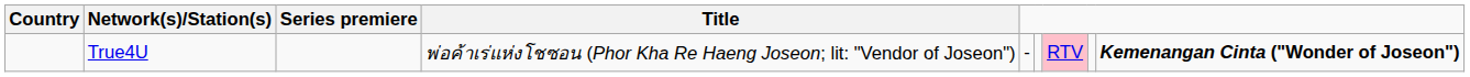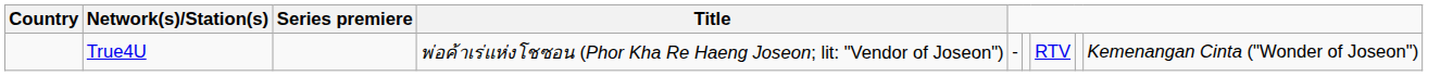 <table class="sortable wikitable">
 <tr>
 <th>Country</th>
 <th>Network(s)/Station(s)</th>
 <th>Series premiere</th>
 <th>Title</th>
 </tr>
 <tr>
 <td></td>
 <td><a href='#'>True4U</a></td>
 <td></td>
 <td><em>พ่อค้าเร่แห่งโชซอน</em> (<em>Phor Kha Re Haeng Joseon</em>; lit: "Vendor of Joseon")</td>
 <td>-</td>
 <td></td>
-<td style="background: pink;"><a href='#'>RTV</a></td>
+<td><a href='#'>RTV</a></td>
 <td></td>
-<td><strong><em>Kemenangan Cinta</em> ("Wonder of Joseon")</strong></td>
+<td><em>Kemenangan Cinta</em> ("Wonder of Joseon")</td>
 </tr>
 </table>
